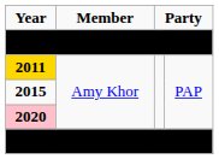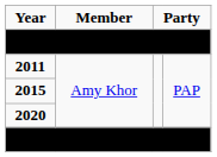 <table class="wikitable" align="center" style="text-align:center">
 <tr>
 <td><strong>Year</strong></td>
 <td><strong>Member</strong></td>
 <td colspan="2"><strong>Party</strong></td>
 </tr>
 <tr>
 <td colspan=4 bgcolor=black><span><strong>Formation</strong></span></td>
 </tr>
 <tr>
-<td style="background: gold;"><strong>2011</strong></td>
+<td><strong>2011</strong></td>
 <td rowspan="3"><a href='#'>Amy Khor</a></td>
 <td rowspan="3"></td>
 <td rowspan="3"><a href='#'>PAP</a></td>
 </tr>
 <tr>
 <td><strong>2015</strong></td>
 </tr>
 <tr>
-<td style="background: pink;"><strong>2020</strong></td>
+<td><strong>2020</strong></td>
 </tr>
 <tr>
 <td colspan=4 bgcolor=black><span><strong>Constituency abolished (2025)</strong></span></td>
 </tr>
 <tr>
 </tr>
 </table>
